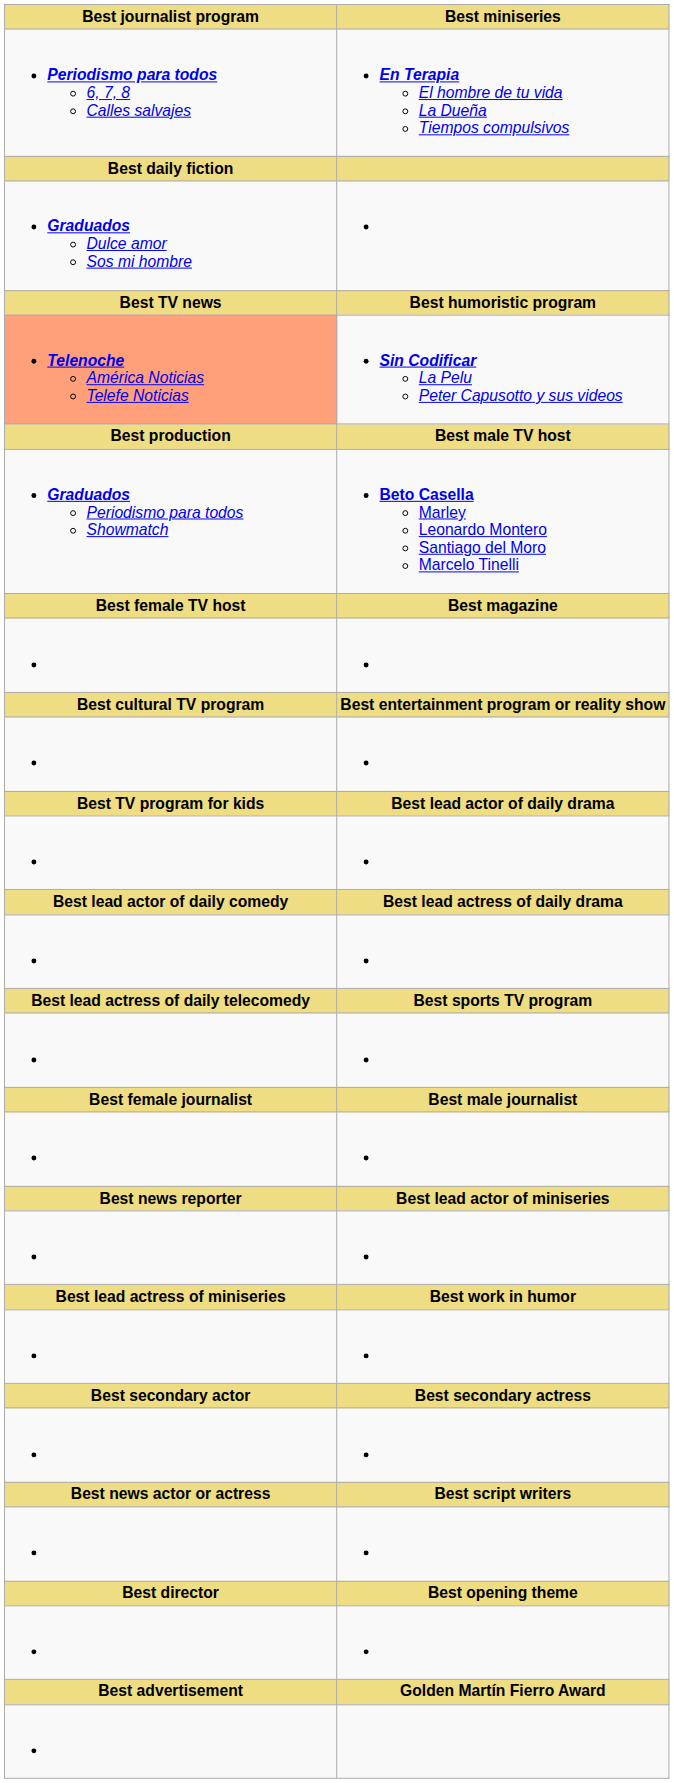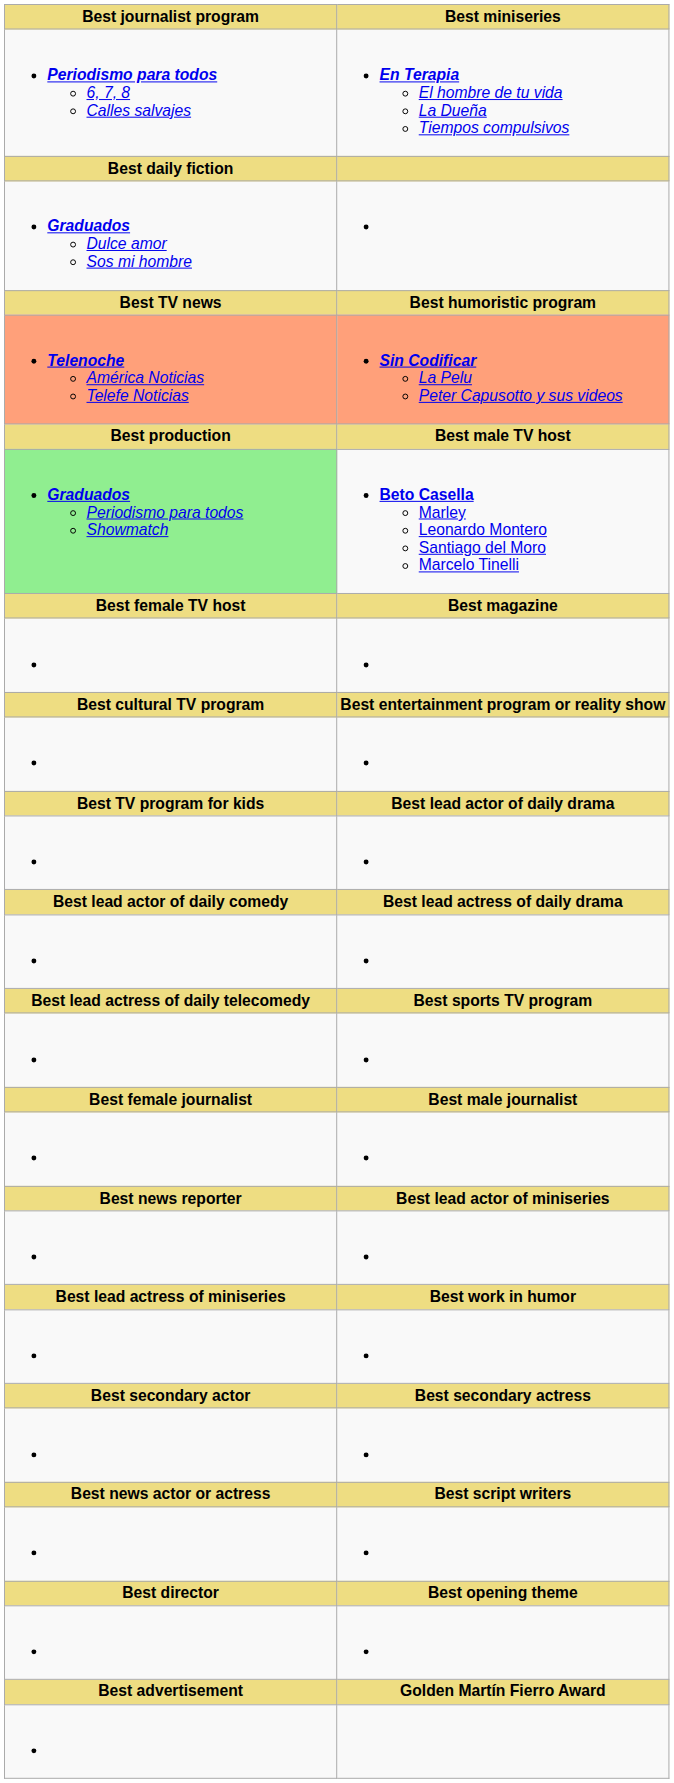 <table class=wikitable>
 <tr>
 <th style="background:#EEDD82; width:50%">Best journalist program</th>
 <th style="background:#EEDD82; width:50%">Best miniseries</th>
 </tr>
 <tr>
 <td valign="top"><br><ul><li><strong><em><a href='#'>Periodismo para todos</a></em></strong><ul><li><em><a href='#'>6, 7, 8</a></em></li><li><em><a href='#'>Calles salvajes</a></em></li></ul></li></ul></td>
 <td valign="top"><br><ul><li><strong><em><a href='#'>En Terapia</a></em></strong><ul><li><em><a href='#'>El hombre de tu vida</a></em></li><li><em><a href='#'>La Dueña</a></em></li><li><em><a href='#'>Tiempos compulsivos</a></em></li></ul></li></ul></td>
 </tr>
 <tr>
 <th style="background:#EEDD82; width:50%">Best daily fiction</th>
 <th style="background:#EEDD82; width:50%"></th>
 </tr>
 <tr>
 <td valign="top"><br><ul><li><strong><em><a href='#'>Graduados</a></em></strong><ul><li><em><a href='#'>Dulce amor</a></em></li><li><em><a href='#'>Sos mi hombre</a></em></li></ul></li></ul></td>
 <td valign="top"><br><ul><li></li></ul></td>
 </tr>
 <tr>
 <th style="background:#EEDD82; width:50%">Best TV news</th>
 <th style="background:#EEDD82; width:50%">Best humoristic program</th>
 </tr>
 <tr>
 <td valign="top" style="background: lightsalmon;"><br><ul><li><strong><em><a href='#'>Telenoche</a></em></strong><ul><li><em><a href='#'>América Noticias</a></em></li><li><em><a href='#'>Telefe Noticias</a></em></li></ul></li></ul></td>
-<td valign="top"><br><ul><li><strong><em><a href='#'>Sin Codificar</a></em></strong><ul><li><em><a href='#'>La Pelu</a></em></li><li><em><a href='#'>Peter Capusotto y sus videos</a></em></li></ul></li></ul></td>
+<td valign="top" style="background: lightsalmon;"><br><ul><li><strong><em><a href='#'>Sin Codificar</a></em></strong><ul><li><em><a href='#'>La Pelu</a></em></li><li><em><a href='#'>Peter Capusotto y sus videos</a></em></li></ul></li></ul></td>
 </tr>
 <tr>
 <th style="background:#EEDD82; width:50%">Best production</th>
 <th style="background:#EEDD82; width:50%">Best male TV host</th>
 </tr>
 <tr>
-<td valign="top"><br><ul><li><strong><em><a href='#'>Graduados</a></em></strong><ul><li><em><a href='#'>Periodismo para todos</a></em></li><li><em><a href='#'>Showmatch</a></em></li></ul></li></ul></td>
+<td valign="top" style="background: lightgreen;"><br><ul><li><strong><em><a href='#'>Graduados</a></em></strong><ul><li><em><a href='#'>Periodismo para todos</a></em></li><li><em><a href='#'>Showmatch</a></em></li></ul></li></ul></td>
 <td valign="top"><br><ul><li><strong><a href='#'>Beto Casella</a></strong><ul><li><a href='#'>Marley</a></li><li><a href='#'>Leonardo Montero</a></li><li><a href='#'>Santiago del Moro</a></li><li><a href='#'>Marcelo Tinelli</a></li></ul></li></ul></td>
 </tr>
 <tr>
 <th style="background:#EEDD82; width:50%">Best female TV host</th>
 <th style="background:#EEDD82; width:50%">Best magazine</th>
 </tr>
 <tr>
 <td valign="top"><br><ul><li></li></ul></td>
 <td valign="top"><br><ul><li></li></ul></td>
 </tr>
 <tr>
 <th style="background:#EEDD82; width:50%">Best cultural TV program</th>
 <th style="background:#EEDD82; width:50%">Best entertainment program or reality show</th>
 </tr>
 <tr>
 <td valign="top"><br><ul><li></li></ul></td>
 <td valign="top"><br><ul><li></li></ul></td>
 </tr>
 <tr>
 <th style="background:#EEDD82; width:50%">Best TV program for kids</th>
 <th style="background:#EEDD82; width:50%">Best lead actor of daily drama</th>
 </tr>
 <tr>
 <td valign="top"><br><ul><li></li></ul></td>
 <td valign="top"><br><ul><li></li></ul></td>
 </tr>
 <tr>
 <th style="background:#EEDD82; width:50%">Best lead actor of daily comedy</th>
 <th style="background:#EEDD82; width:50%">Best lead actress of daily drama</th>
 </tr>
 <tr>
 <td valign="top"><br><ul><li></li></ul></td>
 <td valign="top"><br><ul><li></li></ul></td>
 </tr>
 <tr>
 <th style="background:#EEDD82; width:50%">Best lead actress of daily telecomedy</th>
 <th style="background:#EEDD82; width:50%">Best sports TV program</th>
 </tr>
 <tr>
 <td valign="top"><br><ul><li></li></ul></td>
 <td valign="top"><br><ul><li></li></ul></td>
 </tr>
 <tr>
 <th style="background:#EEDD82; width:50%">Best female journalist</th>
 <th style="background:#EEDD82; width:50%">Best male journalist</th>
 </tr>
 <tr>
 <td valign="top"><br><ul><li></li></ul></td>
 <td valign="top"><br><ul><li></li></ul></td>
 </tr>
 <tr>
 <th style="background:#EEDD82; width:50%">Best news reporter</th>
 <th style="background:#EEDD82; width:50%">Best lead actor of miniseries</th>
 </tr>
 <tr>
 <td valign="top"><br><ul><li></li></ul></td>
 <td valign="top"><br><ul><li></li></ul></td>
 </tr>
 <tr>
 <th style="background:#EEDD82; width:50%">Best lead actress of miniseries</th>
 <th style="background:#EEDD82; width:50%">Best work in humor</th>
 </tr>
 <tr>
 <td valign="top"><br><ul><li></li></ul></td>
 <td valign="top"><br><ul><li></li></ul></td>
 </tr>
 <tr>
 <th style="background:#EEDD82; width:50%">Best secondary actor</th>
 <th style="background:#EEDD82; width:50%">Best secondary actress</th>
 </tr>
 <tr>
 <td valign="top"><br><ul><li></li></ul></td>
 <td valign="top"><br><ul><li></li></ul></td>
 </tr>
 <tr>
 <th style="background:#EEDD82; width:50%">Best news actor or actress</th>
 <th style="background:#EEDD82; width:50%">Best script writers</th>
 </tr>
 <tr>
 <td valign="top"><br><ul><li></li></ul></td>
 <td valign="top"><br><ul><li></li></ul></td>
 </tr>
 <tr>
 <th style="background:#EEDD82; width:50%">Best director</th>
 <th style="background:#EEDD82; width:50%">Best opening theme</th>
 </tr>
 <tr>
 <td valign="top"><br><ul><li></li></ul></td>
 <td valign="top"><br><ul><li></li></ul></td>
 </tr>
 <tr>
 <th style="background:#EEDD82; width:50%">Best advertisement</th>
 <th style="background:#EEDD82; width:50%">Golden Martín Fierro Award</th>
 </tr>
 <tr>
 <td valign="top"><br><ul><li></li></ul></td>
 <td valign="top"></td>
 </tr>
 </table>
